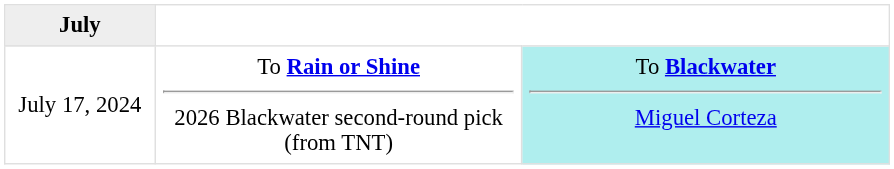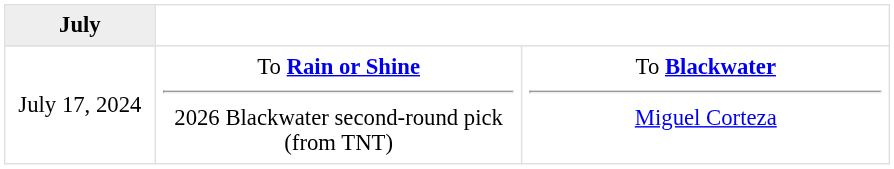 <table border=1 style="border-collapse:collapse; text-align: center; width: 100%" bordercolor="#DFDFDF"  cellpadding="5">
 <tr bgcolor="eeeeee">
 <th>July</th>
 </tr>
 <tr>
 <td style="width:12%">July 17, 2024</td>
 <td style="width:29.3%" valign="top">To <strong><a href='#'>Rain or Shine</a></strong><hr>2026 Blackwater second-round pick (from TNT)</td>
-<td style="background: paleturquoise; width:29.3%" valign="top">To <strong><a href='#'>Blackwater</a></strong><hr><a href='#'>Miguel Corteza</a></td>
+<td style="width:29.3%" valign="top">To <strong><a href='#'>Blackwater</a></strong><hr><a href='#'>Miguel Corteza</a></td>
 </tr>
 </table>
